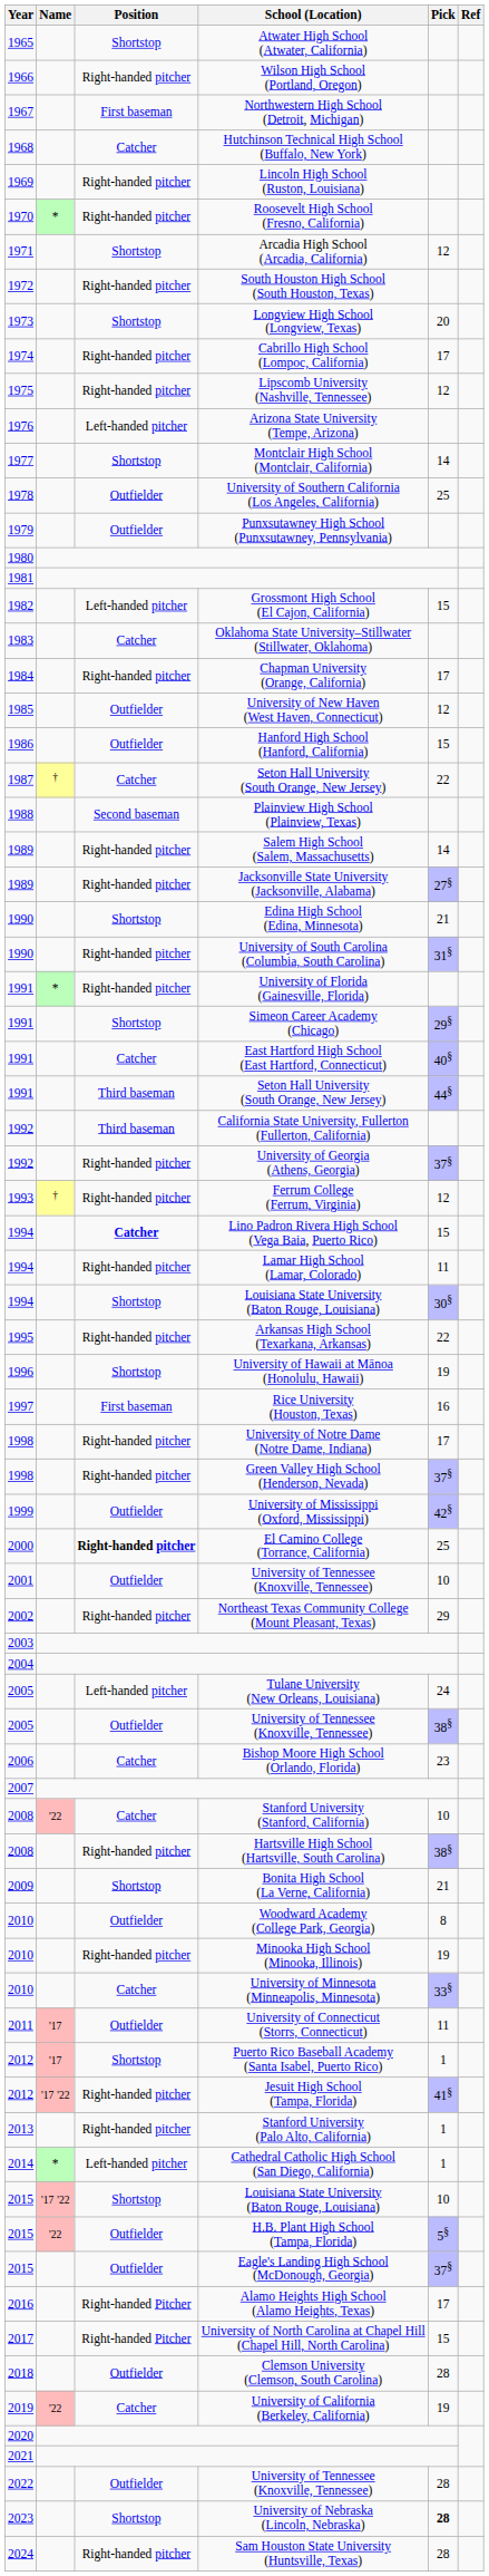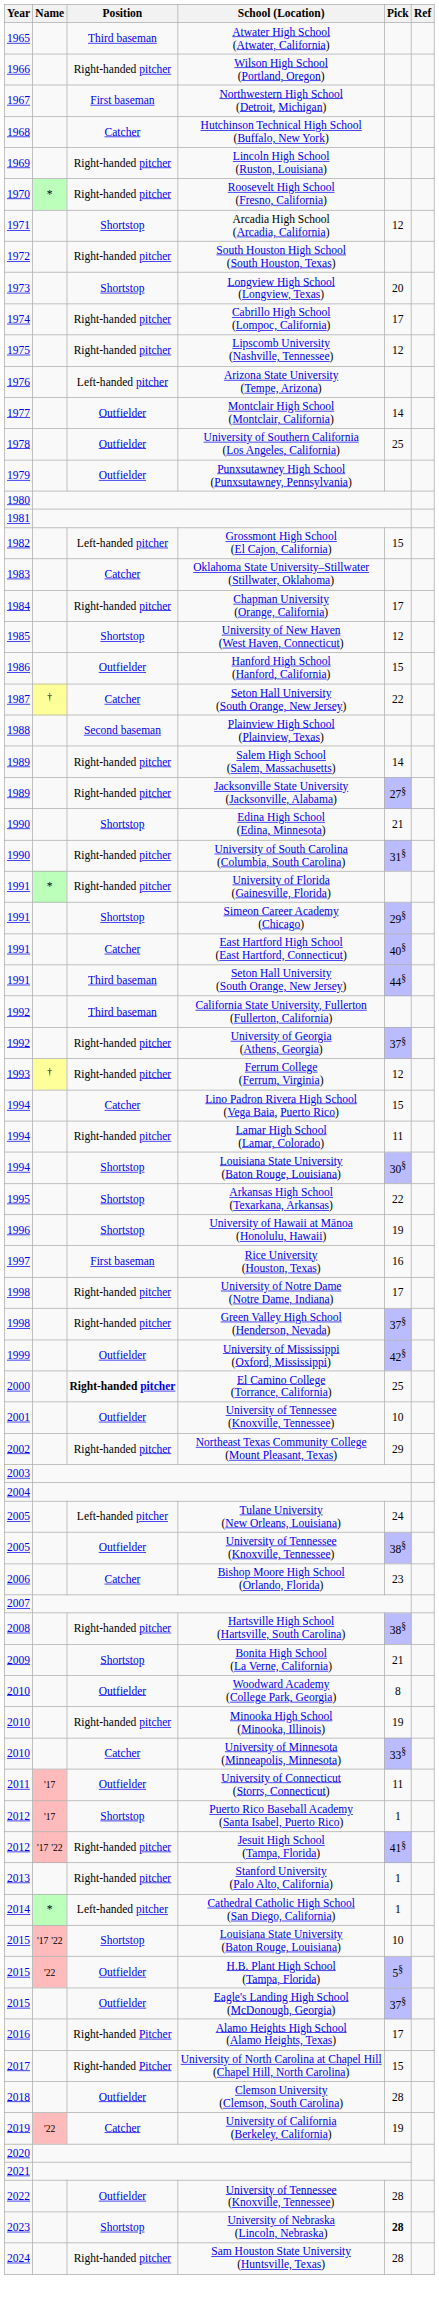 <table class="wikitable sortable" style="text-align:center;" border="1">
 <tr>
 <th>Year</th>
 <th>Name</th>
 <th>Position</th>
 <th class="unsortable">School (Location)</th>
 <th>Pick</th>
 <th class="unsortable">Ref</th>
 </tr>
 <tr>
 <td><a href='#'>1965</a></td>
 <td></td>
-<td><a href='#'>Shortstop</a></td>
+<td><a href='#'>Third baseman</a></td>
 <td><a href='#'>Atwater High School</a><br>(<a href='#'>Atwater, California</a>)</td>
 <td></td>
 <td></td>
 </tr>
 <tr>
 <td><a href='#'>1966</a></td>
 <td></td>
 <td>Right-handed <a href='#'>pitcher</a></td>
 <td><a href='#'>Wilson High School</a><br>(<a href='#'>Portland, Oregon</a>)</td>
 <td></td>
 <td></td>
 </tr>
 <tr>
 <td><a href='#'>1967</a></td>
 <td></td>
 <td><a href='#'>First baseman</a></td>
 <td><a href='#'>Northwestern High School</a><br>(<a href='#'>Detroit</a>, <a href='#'>Michigan</a>)</td>
 <td></td>
 <td></td>
 </tr>
 <tr>
 <td><a href='#'>1968</a></td>
 <td></td>
 <td><a href='#'>Catcher</a></td>
 <td><a href='#'>Hutchinson Technical High School</a><br>(<a href='#'>Buffalo, New York</a>)</td>
 <td></td>
 <td></td>
 </tr>
 <tr>
 <td><a href='#'>1969</a></td>
 <td></td>
 <td>Right-handed <a href='#'>pitcher</a></td>
 <td><a href='#'>Lincoln High School</a><br>(<a href='#'>Ruston, Louisiana</a>)</td>
 <td></td>
 <td></td>
 </tr>
 <tr>
 <td><a href='#'>1970</a></td>
 <td bgcolor="#bbffbb">*</td>
 <td>Right-handed <a href='#'>pitcher</a></td>
 <td><a href='#'>Roosevelt High School</a><br>(<a href='#'>Fresno, California</a>)</td>
 <td></td>
 <td></td>
 </tr>
 <tr>
 <td><a href='#'>1971</a></td>
 <td></td>
 <td><a href='#'>Shortstop</a></td>
 <td>Arcadia High School <br>(<a href='#'>Arcadia, California</a>)</td>
 <td>12</td>
 <td></td>
 </tr>
 <tr>
 <td><a href='#'>1972</a></td>
 <td></td>
 <td>Right-handed <a href='#'>pitcher</a></td>
 <td><a href='#'>South Houston High School</a><br>(<a href='#'>South Houston, Texas</a>)</td>
 <td></td>
 <td></td>
 </tr>
 <tr>
 <td><a href='#'>1973</a></td>
 <td></td>
 <td><a href='#'>Shortstop</a></td>
 <td><a href='#'>Longview High School</a><br>(<a href='#'>Longview, Texas</a>)</td>
 <td>20</td>
 <td></td>
 </tr>
 <tr>
 <td><a href='#'>1974</a></td>
 <td></td>
 <td>Right-handed <a href='#'>pitcher</a></td>
 <td><a href='#'>Cabrillo High School</a><br>(<a href='#'>Lompoc, California</a>)</td>
 <td>17</td>
 <td></td>
 </tr>
 <tr>
 <td><a href='#'>1975</a></td>
 <td></td>
 <td>Right-handed <a href='#'>pitcher</a></td>
 <td><a href='#'>Lipscomb University</a><br>(<a href='#'>Nashville, Tennessee</a>)</td>
 <td>12</td>
 <td></td>
 </tr>
 <tr>
 <td><a href='#'>1976</a></td>
 <td></td>
 <td>Left-handed <a href='#'>pitcher</a></td>
 <td><a href='#'>Arizona State University</a><br>(<a href='#'>Tempe, Arizona</a>)</td>
 <td></td>
 <td></td>
 </tr>
 <tr>
 <td><a href='#'>1977</a></td>
 <td></td>
-<td><a href='#'>Shortstop</a></td>
+<td><a href='#'>Outfielder</a></td>
 <td><a href='#'>Montclair High School</a><br>(<a href='#'>Montclair, California</a>)</td>
 <td>14</td>
 <td></td>
 </tr>
 <tr>
 <td><a href='#'>1978</a></td>
 <td></td>
 <td><a href='#'>Outfielder</a></td>
 <td><a href='#'>University of Southern California</a><br>(<a href='#'>Los Angeles, California</a>)</td>
 <td>25</td>
 <td></td>
 </tr>
 <tr>
 <td><a href='#'>1979</a></td>
 <td></td>
 <td><a href='#'>Outfielder</a></td>
 <td><a href='#'>Punxsutawney High School</a><br>(<a href='#'>Punxsutawney, Pennsylvania</a>)</td>
 <td></td>
 <td></td>
 </tr>
 <tr>
 <td><a href='#'>1980</a></td>
 <td colspan="4"></td>
 <td></td>
 </tr>
 <tr>
 <td><a href='#'>1981</a></td>
 <td colspan="4"></td>
 <td></td>
 </tr>
 <tr>
 <td><a href='#'>1982</a></td>
 <td></td>
 <td>Left-handed <a href='#'>pitcher</a></td>
 <td><a href='#'>Grossmont High School</a><br>(<a href='#'>El Cajon, California</a>)</td>
 <td>15</td>
 <td></td>
 </tr>
 <tr>
 <td><a href='#'>1983</a></td>
 <td></td>
 <td><a href='#'>Catcher</a></td>
 <td><a href='#'>Oklahoma State University–Stillwater</a><br>(<a href='#'>Stillwater, Oklahoma</a>)</td>
 <td></td>
 <td></td>
 </tr>
 <tr>
 <td><a href='#'>1984</a></td>
 <td></td>
 <td>Right-handed <a href='#'>pitcher</a></td>
 <td><a href='#'>Chapman University</a><br>(<a href='#'>Orange, California</a>)</td>
 <td>17</td>
 <td></td>
 </tr>
 <tr>
 <td><a href='#'>1985</a></td>
 <td></td>
-<td><a href='#'>Outfielder</a></td>
+<td><a href='#'>Shortstop</a></td>
 <td><a href='#'>University of New Haven</a><br>(<a href='#'>West Haven, Connecticut</a>)</td>
 <td>12</td>
 <td></td>
 </tr>
 <tr>
 <td><a href='#'>1986</a></td>
 <td></td>
 <td><a href='#'>Outfielder</a></td>
 <td><a href='#'>Hanford High School</a><br>(<a href='#'>Hanford, California</a>)</td>
 <td>15</td>
 <td></td>
 </tr>
 <tr>
 <td><a href='#'>1987</a></td>
 <td style="background:#ff9;"><sup>†</sup></td>
 <td><a href='#'>Catcher</a></td>
 <td><a href='#'>Seton Hall University</a><br>(<a href='#'>South Orange, New Jersey</a>)</td>
 <td>22</td>
 <td></td>
 </tr>
 <tr>
 <td><a href='#'>1988</a></td>
 <td></td>
 <td><a href='#'>Second baseman</a></td>
 <td><a href='#'>Plainview High School</a><br>(<a href='#'>Plainview, Texas</a>)</td>
 <td></td>
 <td></td>
 </tr>
 <tr>
 <td><a href='#'>1989</a></td>
 <td></td>
 <td>Right-handed <a href='#'>pitcher</a></td>
 <td><a href='#'>Salem High School</a><br>(<a href='#'>Salem, Massachusetts</a>)</td>
 <td>14</td>
 <td></td>
 </tr>
 <tr>
 <td><a href='#'>1989</a></td>
 <td></td>
 <td>Right-handed <a href='#'>pitcher</a></td>
 <td><a href='#'>Jacksonville State University</a><br>(<a href='#'>Jacksonville, Alabama</a>)</td>
 <td bgcolor="#bbbbff">27<sup>§</sup></td>
 <td></td>
 </tr>
 <tr>
 <td><a href='#'>1990</a></td>
 <td></td>
 <td><a href='#'>Shortstop</a></td>
 <td><a href='#'>Edina High School</a><br>(<a href='#'>Edina, Minnesota</a>)</td>
 <td>21</td>
 <td></td>
 </tr>
 <tr>
 <td><a href='#'>1990</a></td>
 <td></td>
 <td>Right-handed <a href='#'>pitcher</a></td>
 <td><a href='#'>University of South Carolina</a><br>(<a href='#'>Columbia, South Carolina</a>)</td>
 <td bgcolor="#bbbbff">31<sup>§</sup></td>
 <td></td>
 </tr>
 <tr>
 <td><a href='#'>1991</a></td>
 <td bgcolor="#bbffbb">*</td>
 <td>Right-handed <a href='#'>pitcher</a></td>
 <td><a href='#'>University of Florida</a><br>(<a href='#'>Gainesville, Florida</a>)</td>
 <td></td>
 <td></td>
 </tr>
 <tr>
 <td><a href='#'>1991</a></td>
 <td></td>
 <td><a href='#'>Shortstop</a></td>
 <td><a href='#'>Simeon Career Academy</a><br>(<a href='#'>Chicago</a>)</td>
 <td bgcolor="#bbbbff">29<sup>§</sup></td>
 <td></td>
 </tr>
 <tr>
 <td><a href='#'>1991</a></td>
 <td></td>
 <td><a href='#'>Catcher</a></td>
 <td><a href='#'>East Hartford High School</a><br>(<a href='#'>East Hartford, Connecticut</a>)</td>
 <td bgcolor="#bbbbff">40<sup>§</sup></td>
 <td></td>
 </tr>
 <tr>
 <td><a href='#'>1991</a></td>
 <td></td>
 <td><a href='#'>Third baseman</a></td>
 <td><a href='#'>Seton Hall University</a><br>(<a href='#'>South Orange, New Jersey</a>)</td>
 <td bgcolor="#bbbbff">44<sup>§</sup></td>
 <td></td>
 </tr>
 <tr>
 <td><a href='#'>1992</a></td>
 <td></td>
 <td><a href='#'>Third baseman</a></td>
 <td><a href='#'>California State University, Fullerton</a><br>(<a href='#'>Fullerton, California</a>)</td>
 <td></td>
 <td></td>
 </tr>
 <tr>
 <td><a href='#'>1992</a></td>
 <td></td>
 <td>Right-handed <a href='#'>pitcher</a></td>
 <td><a href='#'>University of Georgia</a><br>(<a href='#'>Athens, Georgia</a>)</td>
 <td bgcolor="#bbbbff">37<sup>§</sup></td>
 <td></td>
 </tr>
 <tr>
 <td><a href='#'>1993</a></td>
 <td style="background:#ff9;"><sup>†</sup></td>
 <td>Right-handed <a href='#'>pitcher</a></td>
 <td><a href='#'>Ferrum College</a><br>(<a href='#'>Ferrum, Virginia</a>)</td>
 <td>12</td>
 <td></td>
 </tr>
 <tr>
 <td><a href='#'>1994</a></td>
 <td></td>
-<td><strong><a href='#'>Catcher</a></strong></td>
+<td><a href='#'>Catcher</a></td>
 <td><a href='#'>Lino Padron Rivera High School</a><br>(<a href='#'>Vega Baia</a>, <a href='#'>Puerto Rico</a>)</td>
 <td>15</td>
 <td></td>
 </tr>
 <tr>
 <td><a href='#'>1994</a></td>
 <td></td>
 <td>Right-handed <a href='#'>pitcher</a></td>
 <td><a href='#'>Lamar High School</a><br>(<a href='#'>Lamar, Colorado</a>)</td>
 <td>11</td>
 <td></td>
 </tr>
 <tr>
 <td><a href='#'>1994</a></td>
 <td></td>
 <td><a href='#'>Shortstop</a></td>
 <td><a href='#'>Louisiana State University</a><br>(<a href='#'>Baton Rouge, Louisiana</a>)</td>
 <td bgcolor="#bbbbff">30<sup>§</sup></td>
 <td></td>
 </tr>
 <tr>
 <td><a href='#'>1995</a></td>
 <td></td>
-<td>Right-handed <a href='#'>pitcher</a></td>
+<td><a href='#'>Shortstop</a></td>
 <td><a href='#'>Arkansas High School</a><br>(<a href='#'>Texarkana, Arkansas</a>)</td>
 <td>22</td>
 <td></td>
 </tr>
 <tr>
 <td><a href='#'>1996</a></td>
 <td></td>
 <td><a href='#'>Shortstop</a></td>
 <td><a href='#'>University of Hawaii at Mānoa</a><br>(<a href='#'>Honolulu, Hawaii</a>)</td>
 <td>19</td>
 <td></td>
 </tr>
 <tr>
 <td><a href='#'>1997</a></td>
 <td></td>
 <td><a href='#'>First baseman</a></td>
 <td><a href='#'>Rice University</a><br>(<a href='#'>Houston, Texas</a>)</td>
 <td>16</td>
 <td></td>
 </tr>
 <tr>
 <td><a href='#'>1998</a></td>
 <td></td>
 <td>Right-handed <a href='#'>pitcher</a></td>
 <td><a href='#'>University of Notre Dame</a><br>(<a href='#'>Notre Dame, Indiana</a>)</td>
 <td>17</td>
 <td></td>
 </tr>
 <tr>
 <td><a href='#'>1998</a></td>
 <td></td>
 <td>Right-handed <a href='#'>pitcher</a></td>
 <td><a href='#'>Green Valley High School</a><br>(<a href='#'>Henderson, Nevada</a>)</td>
 <td bgcolor="#bbbbff">37<sup>§</sup></td>
 <td></td>
 </tr>
 <tr>
 <td><a href='#'>1999</a></td>
 <td></td>
 <td><a href='#'>Outfielder</a></td>
 <td><a href='#'>University of Mississippi</a><br>(<a href='#'>Oxford, Mississippi</a>)</td>
 <td bgcolor="#bbbbff">42<sup>§</sup></td>
 <td></td>
 </tr>
 <tr>
 <td><a href='#'>2000</a></td>
 <td></td>
 <td><strong>Right-handed <a href='#'>pitcher</a></strong></td>
 <td><a href='#'>El Camino College</a><br>(<a href='#'>Torrance, California</a>)</td>
 <td>25</td>
 <td></td>
 </tr>
 <tr>
 <td><a href='#'>2001</a></td>
 <td></td>
 <td><a href='#'>Outfielder</a></td>
 <td><a href='#'>University of Tennessee</a><br>(<a href='#'>Knoxville, Tennessee</a>)</td>
 <td>10</td>
 <td></td>
 </tr>
 <tr>
 <td><a href='#'>2002</a></td>
 <td></td>
 <td>Right-handed <a href='#'>pitcher</a></td>
 <td><a href='#'>Northeast Texas Community College</a><br>(<a href='#'>Mount Pleasant, Texas</a>)</td>
 <td>29</td>
 <td></td>
 </tr>
 <tr>
 <td><a href='#'>2003</a></td>
 <td colspan="4"></td>
 <td></td>
 </tr>
 <tr>
 <td><a href='#'>2004</a></td>
 <td colspan="4"></td>
 <td></td>
 </tr>
 <tr>
 <td><a href='#'>2005</a></td>
 <td></td>
 <td>Left-handed <a href='#'>pitcher</a></td>
 <td><a href='#'>Tulane University</a><br>(<a href='#'>New Orleans, Louisiana</a>)</td>
 <td>24</td>
 <td></td>
 </tr>
 <tr>
 <td><a href='#'>2005</a></td>
 <td></td>
 <td><a href='#'>Outfielder</a></td>
 <td><a href='#'>University of Tennessee</a><br>(<a href='#'>Knoxville, Tennessee</a>)</td>
 <td bgcolor="#bbbbff">38<sup>§</sup></td>
 <td></td>
 </tr>
 <tr>
 <td><a href='#'>2006</a></td>
 <td></td>
 <td><a href='#'>Catcher</a></td>
 <td><a href='#'>Bishop Moore High School</a><br>(<a href='#'>Orlando, Florida</a>)</td>
 <td>23</td>
 <td></td>
 </tr>
 <tr>
 <td><a href='#'>2007</a></td>
 <td colspan="4"></td>
-<td></td>
-</tr>
-<tr>
-<td><a href='#'>2008</a></td>
-<td scope="row" style="background-color:#ffbbbb"> <small>'22</small></td>
-<td><a href='#'>Catcher</a></td>
-<td><a href='#'>Stanford University</a><br>(<a href='#'>Stanford, California</a>)</td>
-<td>10</td>
 <td></td>
 </tr>
 <tr>
 <td><a href='#'>2008</a></td>
 <td></td>
 <td>Right-handed <a href='#'>pitcher</a></td>
 <td><a href='#'>Hartsville High School</a><br>(<a href='#'>Hartsville, South Carolina</a>)</td>
 <td bgcolor="#bbbbff">38<sup>§</sup></td>
 <td></td>
 </tr>
 <tr>
 <td><a href='#'>2009</a></td>
 <td></td>
 <td><a href='#'>Shortstop</a></td>
 <td><a href='#'>Bonita High School</a><br>(<a href='#'>La Verne, California</a>)</td>
 <td>21</td>
 <td></td>
 </tr>
 <tr>
 <td><a href='#'>2010</a></td>
 <td></td>
 <td><a href='#'>Outfielder</a></td>
 <td><a href='#'>Woodward Academy</a><br>(<a href='#'>College Park, Georgia</a>)</td>
 <td>8</td>
 <td></td>
 </tr>
 <tr>
 <td><a href='#'>2010</a></td>
 <td></td>
 <td>Right-handed <a href='#'>pitcher</a></td>
 <td><a href='#'>Minooka High School</a><br>(<a href='#'>Minooka, Illinois</a>)</td>
 <td>19</td>
 <td></td>
 </tr>
 <tr>
 <td><a href='#'>2010</a></td>
 <td></td>
 <td><a href='#'>Catcher</a></td>
 <td><a href='#'>University of Minnesota</a><br>(<a href='#'>Minneapolis, Minnesota</a>)</td>
 <td bgcolor="#bbbbff">33<sup>§</sup></td>
 <td></td>
 </tr>
 <tr>
 <td><a href='#'>2011</a></td>
 <td scope="row" style="background-color:#ffbbbb"> <small>'17</small></td>
 <td><a href='#'>Outfielder</a></td>
 <td><a href='#'>University of Connecticut</a><br>(<a href='#'>Storrs, Connecticut</a>)</td>
 <td>11</td>
 <td></td>
 </tr>
 <tr>
 <td><a href='#'>2012</a></td>
 <td scope="row" style="background-color:#ffbbbb"> <small>'17</small></td>
 <td><a href='#'>Shortstop</a></td>
 <td><a href='#'>Puerto Rico Baseball Academy</a><br>(<a href='#'>Santa Isabel, Puerto Rico</a>)</td>
 <td>1</td>
 <td></td>
 </tr>
 <tr>
 <td><a href='#'>2012</a></td>
 <td scope="row" style="background-color:#ffbbbb"> <small>'17</small> <small>'22</small></td>
 <td>Right-handed <a href='#'>pitcher</a></td>
 <td><a href='#'>Jesuit High School</a><br>(<a href='#'>Tampa, Florida</a>)</td>
 <td bgcolor="#bbbbff">41<sup>§</sup></td>
 <td></td>
 </tr>
 <tr>
 <td><a href='#'>2013</a></td>
 <td></td>
 <td>Right-handed <a href='#'>pitcher</a></td>
 <td><a href='#'>Stanford University</a><br>(<a href='#'>Palo Alto, California</a>)</td>
 <td>1</td>
 <td></td>
 </tr>
 <tr>
 <td><a href='#'>2014</a></td>
 <td bgcolor="#bbffbb">*</td>
 <td>Left-handed <a href='#'>pitcher</a></td>
 <td><a href='#'>Cathedral Catholic High School</a><br>(<a href='#'>San Diego, California</a>)</td>
 <td>1</td>
 <td></td>
 </tr>
 <tr>
 <td><a href='#'>2015</a></td>
 <td scope="row" style="background-color:#ffbbbb"> <small>'17</small> <small>'22</small></td>
 <td><a href='#'>Shortstop</a></td>
 <td><a href='#'>Louisiana State University</a><br>(<a href='#'>Baton Rouge, Louisiana</a>)</td>
 <td>10</td>
 <td></td>
 </tr>
 <tr>
 <td><a href='#'>2015</a></td>
 <td scope="row" style="background-color:#ffbbbb"> <small>'22</small></td>
 <td><a href='#'>Outfielder</a></td>
 <td><a href='#'>H.B. Plant High School</a><br>(<a href='#'>Tampa, Florida</a>)</td>
 <td bgcolor="#bbbbff">5<sup>§</sup></td>
 <td></td>
 </tr>
 <tr>
 <td><a href='#'>2015</a></td>
 <td></td>
 <td><a href='#'>Outfielder</a></td>
 <td><a href='#'>Eagle's Landing High School</a><br>(<a href='#'>McDonough, Georgia</a>)</td>
 <td bgcolor="#bbbbff">37<sup>§</sup></td>
 <td></td>
 </tr>
 <tr>
 <td><a href='#'>2016</a></td>
 <td></td>
 <td>Right-handed <a href='#'>Pitcher</a></td>
 <td><a href='#'>Alamo Heights High School</a><br>(<a href='#'>Alamo Heights, Texas</a>)</td>
 <td>17</td>
 <td></td>
 </tr>
 <tr>
 <td><a href='#'>2017</a></td>
 <td></td>
 <td>Right-handed <a href='#'>Pitcher</a></td>
 <td><a href='#'>University of North Carolina at Chapel Hill</a><br>(<a href='#'>Chapel Hill, North Carolina</a>)</td>
 <td>15</td>
 <td></td>
 </tr>
 <tr>
 <td><a href='#'>2018</a></td>
 <td></td>
 <td><a href='#'>Outfielder</a></td>
 <td><a href='#'>Clemson University</a><br>(<a href='#'>Clemson, South Carolina</a>)</td>
 <td>28</td>
 <td></td>
 </tr>
 <tr>
 <td><a href='#'>2019</a></td>
 <td scope="row" style="background-color:#ffbbbb"> <small>'22</small></td>
 <td><a href='#'>Catcher</a></td>
 <td><a href='#'>University of California</a><br>(<a href='#'>Berkeley, California</a>)</td>
 <td>19</td>
 <td></td>
 </tr>
 <tr>
 <td><a href='#'>2020</a></td>
 <td colspan="4"></td>
 </tr>
 <tr>
 <td><a href='#'>2021</a></td>
 <td colspan="4"></td>
 </tr>
 <tr>
 <td><a href='#'>2022</a></td>
 <td></td>
 <td><a href='#'>Outfielder</a></td>
 <td><a href='#'>University of Tennessee</a><br>(<a href='#'>Knoxville, Tennessee</a>)</td>
 <td>28</td>
 <td></td>
 </tr>
 <tr>
 <td><a href='#'>2023</a></td>
 <td></td>
 <td><a href='#'>Shortstop</a></td>
 <td><a href='#'> University of Nebraska</a><br>(<a href='#'>Lincoln, Nebraska</a>)</td>
 <td><strong>28</strong></td>
 <td></td>
 </tr>
 <tr>
 <td><a href='#'>2024</a></td>
 <td></td>
 <td>Right-handed <a href='#'>pitcher</a></td>
 <td><a href='#'>Sam Houston State University</a><br>(<a href='#'>Huntsville, Texas</a>)</td>
 <td>28</td>
 <td></td>
 </tr>
 </table>
